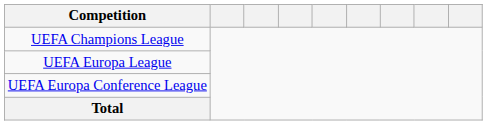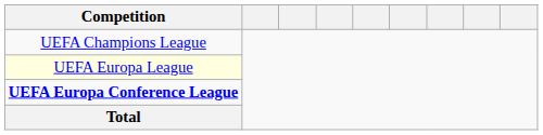 <table class="wikitable" style="text-align:center">
 <tr>
 <th>Competition</th>
 <th scope="col" width="30"></th>
 <th scope="col" width="30"></th>
 <th scope="col" width="30"></th>
 <th scope="col" width="30"></th>
 <th scope="col" width="30"></th>
 <th scope="col" width="30"></th>
 <th scope="col" width="30"></th>
 <th scope="col" width="30"></th>
 </tr>
 <tr>
 <td><a href='#'>UEFA Champions League</a><br></td>
 </tr>
 <tr>
-<td><a href='#'>UEFA Europa League</a><br></td>
+<td style="background: lightyellow;"><a href='#'>UEFA Europa League</a><br></td>
 </tr>
 <tr>
-<td><a href='#'>UEFA Europa Conference League</a><br></td>
+<td><strong><a href='#'>UEFA Europa Conference League</a><br></strong></td>
 </tr>
 <tr class="sortbottom">
 <th scope="row">Total<br></th>
 </tr>
 </table>
